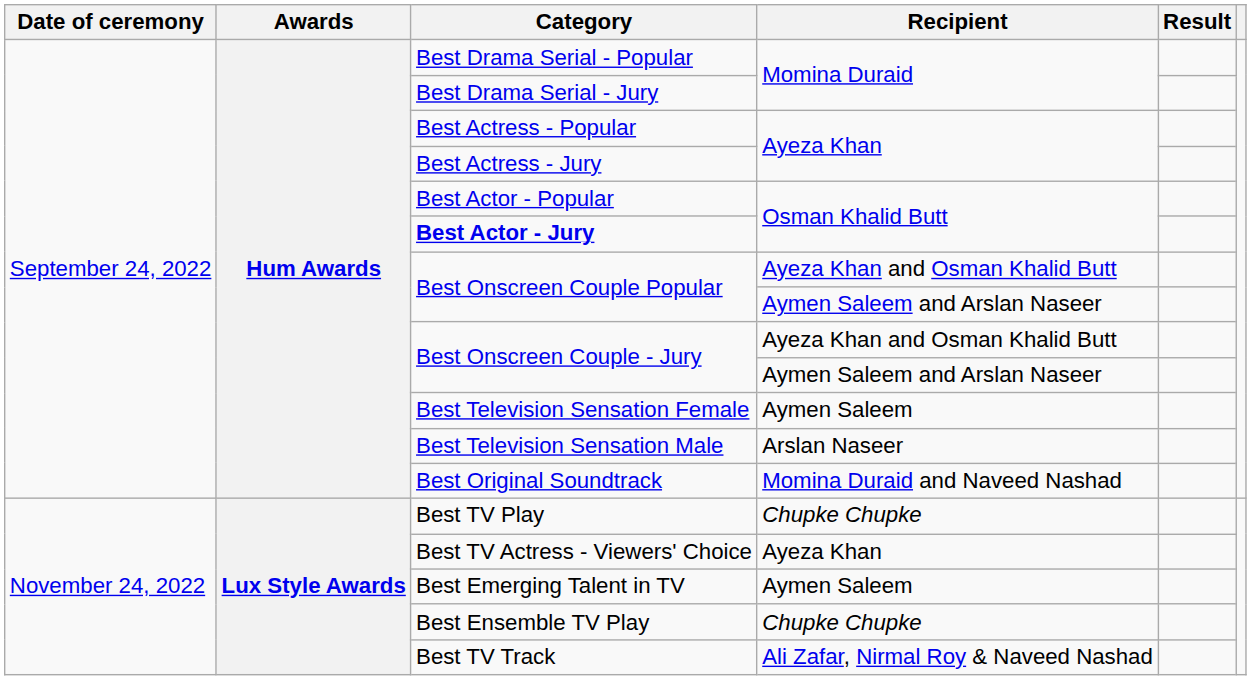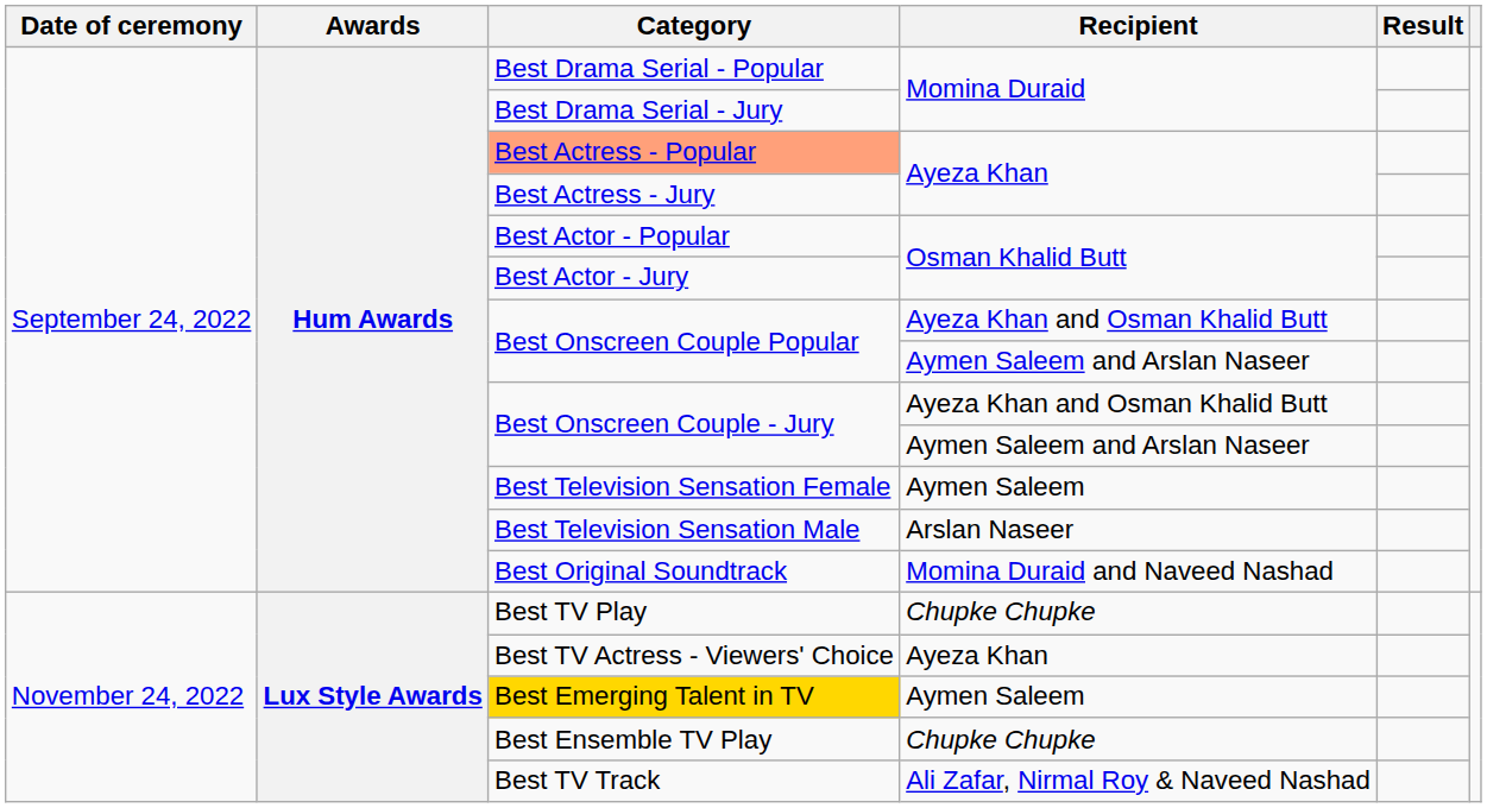 <table class="wikitable plainrowheaders sortable">
 <tr>
 <th scope="col">Date of ceremony</th>
 <th scope="col">Awards</th>
 <th scope="col">Category</th>
 <th scope="col">Recipient</th>
 <th scope="col">Result</th>
 <th scope="col" class="unsortable"></th>
 </tr>
 <tr>
 <td rowspan="13"><a href='#'>September 24, 2022</a></td>
 <th scope="row" rowspan="13"><a href='#'>Hum Awards</a></th>
 <td><a href='#'>Best Drama Serial - Popular</a></td>
 <td rowspan="2"><a href='#'>Momina Duraid</a></td>
 <td></td>
 <td rowspan="13"></td>
 </tr>
 <tr>
 <td><a href='#'>Best Drama Serial - Jury</a></td>
 <td></td>
 </tr>
 <tr>
-<td><a href='#'>Best Actress - Popular</a></td>
+<td style="background: lightsalmon;"><a href='#'>Best Actress - Popular</a></td>
 <td rowspan="2"><a href='#'>Ayeza Khan</a></td>
 <td></td>
 </tr>
 <tr>
 <td><a href='#'>Best Actress - Jury</a></td>
 <td></td>
 </tr>
 <tr>
 <td><a href='#'>Best Actor - Popular</a></td>
 <td rowspan="2"><a href='#'>Osman Khalid Butt</a></td>
 <td></td>
 </tr>
 <tr>
-<td><strong><a href='#'>Best Actor - Jury</a></strong></td>
+<td><a href='#'>Best Actor - Jury</a></td>
 <td></td>
 </tr>
 <tr>
 <td rowspan="2"><a href='#'>Best Onscreen Couple Popular</a></td>
 <td><a href='#'>Ayeza Khan</a> and <a href='#'>Osman Khalid Butt</a></td>
 <td></td>
 </tr>
 <tr>
 <td><a href='#'>Aymen Saleem</a> and Arslan Naseer</td>
 <td></td>
 </tr>
 <tr>
 <td rowspan="2"><a href='#'>Best Onscreen Couple - Jury</a></td>
 <td>Ayeza Khan and Osman Khalid Butt</td>
 <td></td>
 </tr>
 <tr>
 <td>Aymen Saleem and Arslan Naseer</td>
 <td></td>
 </tr>
 <tr>
 <td><a href='#'>Best Television Sensation Female</a></td>
 <td>Aymen Saleem</td>
 <td></td>
 </tr>
 <tr>
 <td><a href='#'>Best Television Sensation Male</a></td>
 <td>Arslan Naseer</td>
 <td></td>
 </tr>
 <tr>
 <td><a href='#'>Best Original Soundtrack</a></td>
 <td><a href='#'>Momina Duraid</a> and Naveed Nashad</td>
 <td></td>
 </tr>
 <tr>
 <td rowspan="5"><a href='#'>November 24, 2022</a></td>
 <th scope="row" rowspan="5"><a href='#'>Lux Style Awards</a></th>
 <td>Best TV Play</td>
 <td><em>Chupke Chupke</em></td>
 <td></td>
 <td rowspan="5"></td>
 </tr>
 <tr>
 <td>Best TV Actress - Viewers' Choice</td>
 <td>Ayeza Khan</td>
 <td></td>
 </tr>
 <tr>
-<td>Best Emerging Talent in TV</td>
+<td style="background: gold;">Best Emerging Talent in TV</td>
 <td>Aymen Saleem</td>
 <td></td>
 </tr>
 <tr>
 <td>Best Ensemble TV Play</td>
 <td><em>Chupke Chupke</em></td>
 <td></td>
 </tr>
 <tr>
 <td>Best TV Track</td>
 <td><a href='#'>Ali Zafar</a>, <a href='#'>Nirmal Roy</a> & Naveed Nashad</td>
 <td></td>
 </tr>
 </table>
